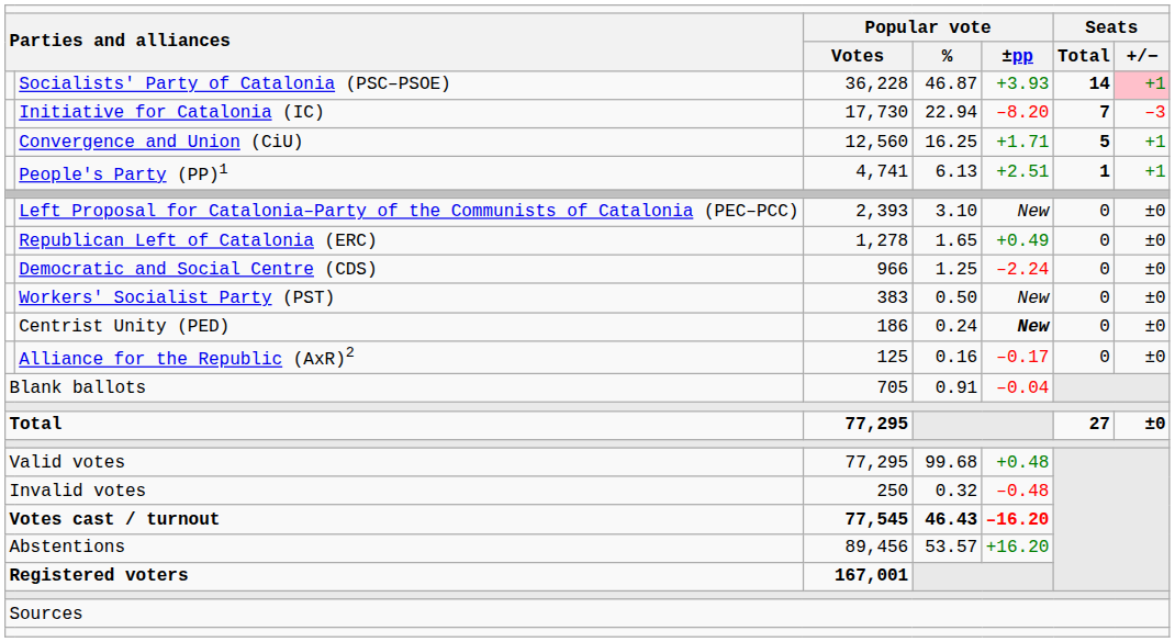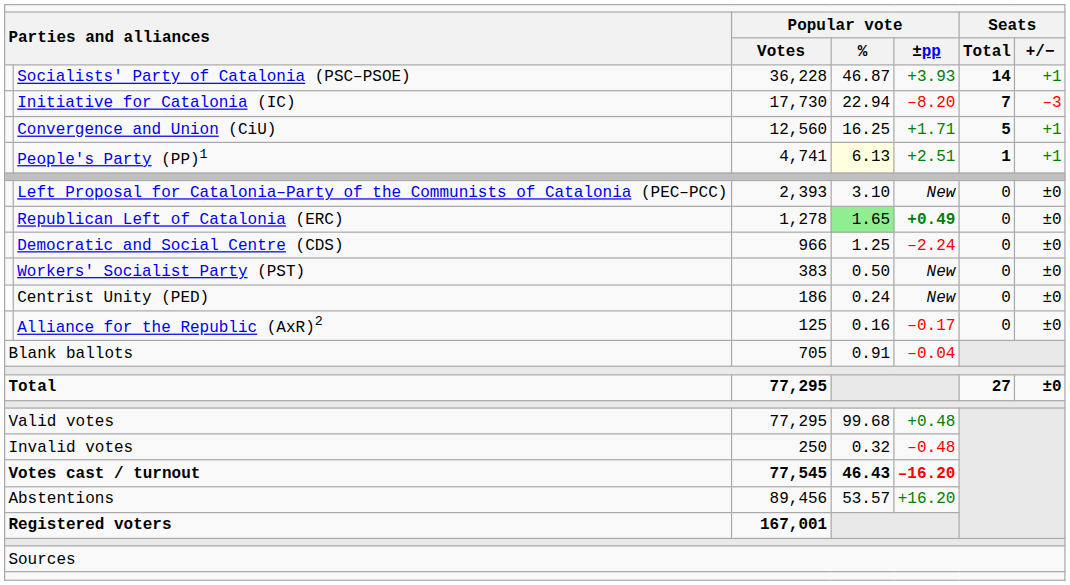 <table class="wikitable" style="text-align:right;">
 <tr>
 <td colspan="7"></td>
 </tr>
 <tr>
 <th style="text-align:left;" rowspan="2" colspan="2" width="525">Parties and alliances</th>
 <th colspan="3">Popular vote</th>
 <th colspan="2">Seats</th>
 </tr>
 <tr>
 <th width="75">Votes</th>
 <th width="45">%</th>
 <th width="45">±<a href='#'>pp</a></th>
 <th width="35">Total</th>
 <th width="35">+/−</th>
 </tr>
 <tr>
 <td width="1" style="color:inherit;background:"></td>
 <td align="left"><a href='#'>Socialists' Party of Catalonia</a> (PSC–PSOE)</td>
 <td>36,228</td>
 <td>46.87</td>
 <td style="color:green;">+3.93</td>
 <td><strong>14</strong></td>
-<td style="background: pink; color:green;">+1</td>
+<td style="color:green;">+1</td>
 </tr>
 <tr>
 <td style="color:inherit;background:"></td>
 <td align="left"><a href='#'>Initiative for Catalonia</a> (IC)</td>
 <td>17,730</td>
 <td>22.94</td>
 <td style="color:red;">–8.20</td>
 <td><strong>7</strong></td>
 <td style="color:red;">–3</td>
 </tr>
 <tr>
 <td style="color:inherit;background:"></td>
 <td align="left"><a href='#'>Convergence and Union</a> (CiU)</td>
 <td>12,560</td>
 <td>16.25</td>
 <td style="color:green;">+1.71</td>
 <td><strong>5</strong></td>
 <td style="color:green;">+1</td>
 </tr>
 <tr>
 <td style="color:inherit;background:"></td>
 <td align="left"><a href='#'>People's Party</a> (PP)<sup>1</sup></td>
 <td>4,741</td>
-<td>6.13</td>
+<td style="background: lightyellow;">6.13</td>
 <td style="color:green;">+2.51</td>
 <td><strong>1</strong></td>
 <td style="color:green;">+1</td>
 </tr>
 <tr>
 <td colspan="7" style="color:inherit;background:#C0C0C0"></td>
 </tr>
 <tr>
 <td style="color:inherit;background:"></td>
 <td align="left"><a href='#'>Left Proposal for Catalonia–Party of the Communists of Catalonia</a> (PEC–PCC)</td>
 <td>2,393</td>
 <td>3.10</td>
 <td><em>New</em></td>
 <td>0</td>
 <td>±0</td>
 </tr>
 <tr>
 <td style="color:inherit;background:"></td>
 <td align="left"><a href='#'>Republican Left of Catalonia</a> (ERC)</td>
 <td>1,278</td>
-<td>1.65</td>
-<td style="color:green;">+0.49</td>
+<td style="background: lightgreen;">1.65</td>
+<td style="color:green;"><strong>+0.49</strong></td>
 <td>0</td>
 <td>±0</td>
 </tr>
 <tr>
 <td style="color:inherit;background:"></td>
 <td align="left"><a href='#'>Democratic and Social Centre</a> (CDS)</td>
 <td>966</td>
 <td>1.25</td>
 <td style="color:red;">–2.24</td>
 <td>0</td>
 <td>±0</td>
 </tr>
 <tr>
 <td style="color:inherit;background:"></td>
 <td align="left"><a href='#'>Workers' Socialist Party</a> (PST)</td>
 <td>383</td>
 <td>0.50</td>
 <td><em>New</em></td>
 <td>0</td>
 <td>±0</td>
 </tr>
 <tr>
 <td bgcolor="white"></td>
 <td align="left">Centrist Unity (PED)</td>
 <td>186</td>
 <td>0.24</td>
-<td><strong><em>New</em></strong></td>
+<td><em>New</em></td>
 <td>0</td>
 <td>±0</td>
 </tr>
 <tr>
 <td style="color:inherit;background:"></td>
 <td align="left"><a href='#'>Alliance for the Republic</a> (AxR)<sup>2</sup></td>
 <td>125</td>
 <td>0.16</td>
 <td style="color:red;">–0.17</td>
 <td>0</td>
 <td>±0</td>
 </tr>
 <tr>
 <td align="left" colspan="2">Blank ballots</td>
 <td>705</td>
 <td>0.91</td>
 <td style="color:red;">–0.04</td>
 <td style="color:inherit;background:#E9E9E9" colspan="2"></td>
 </tr>
 <tr>
 <td colspan="7" style="color:inherit;background:#E9E9E9"></td>
 </tr>
 <tr style="font-weight:bold;">
 <td align="left" colspan="2">Total</td>
 <td>77,295</td>
 <td bgcolor="#E9E9E9" colspan="2"></td>
 <td>27</td>
 <td>±0</td>
 </tr>
 <tr>
 <td colspan="7" style="color:inherit;background:#E9E9E9"></td>
 </tr>
 <tr>
 <td align="left" colspan="2">Valid votes</td>
 <td>77,295</td>
 <td>99.68</td>
 <td style="color:green;">+0.48</td>
 <td bgcolor="#E9E9E9" colspan="2" rowspan="5"></td>
 </tr>
 <tr>
 <td align="left" colspan="2">Invalid votes</td>
 <td>250</td>
 <td>0.32</td>
 <td style="color:red;">–0.48</td>
 </tr>
 <tr style="font-weight:bold;">
 <td align="left" colspan="2">Votes cast / turnout</td>
 <td>77,545</td>
 <td>46.43</td>
 <td style="color:red;">–16.20</td>
 </tr>
 <tr>
 <td align="left" colspan="2">Abstentions</td>
 <td>89,456</td>
 <td>53.57</td>
 <td style="color:green;">+16.20</td>
 </tr>
 <tr style="font-weight:bold;">
 <td align="left" colspan="2">Registered voters</td>
 <td>167,001</td>
 <td bgcolor="#E9E9E9" colspan="2"></td>
 </tr>
 <tr>
 <td colspan="7" style="color:inherit;background:#E9E9E9"></td>
 </tr>
 <tr>
 <td align="left" colspan="7">Sources</td>
 </tr>
 <tr>
 <td colspan="7" style="text-align:left; max-width:790px;"></td>
 </tr>
 </table>
